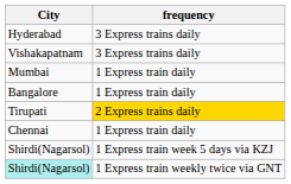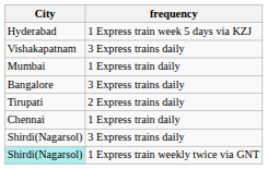 <table class="wikitable">
 <tr>
 <th>City</th>
 <th>frequency</th>
 </tr>
 <tr>
 <td>Hyderabad</td>
-<td>3 Express trains daily</td>
+<td>1 Express train week 5 days via KZJ</td>
 </tr>
 <tr>
 <td>Vishakapatnam</td>
 <td>3 Express trains daily</td>
 </tr>
 <tr>
 <td>Mumbai</td>
 <td>1 Express train daily</td>
 </tr>
 <tr>
 <td>Bangalore</td>
-<td>1 Express train daily</td>
+<td>3 Express trains daily</td>
 </tr>
 <tr>
 <td>Tirupati</td>
-<td style="background: gold;">2 Express trains daily</td>
+<td>2 Express trains daily</td>
 </tr>
 <tr>
 <td>Chennai</td>
 <td>1 Express train daily</td>
 </tr>
 <tr>
 <td>Shirdi(Nagarsol)</td>
-<td>1 Express train week 5 days via KZJ</td>
+<td>3 Express trains daily</td>
 </tr>
 <tr>
 <td style="background: paleturquoise;">Shirdi(Nagarsol)</td>
 <td>1 Express train weekly twice via GNT</td>
 </tr>
 </table>
